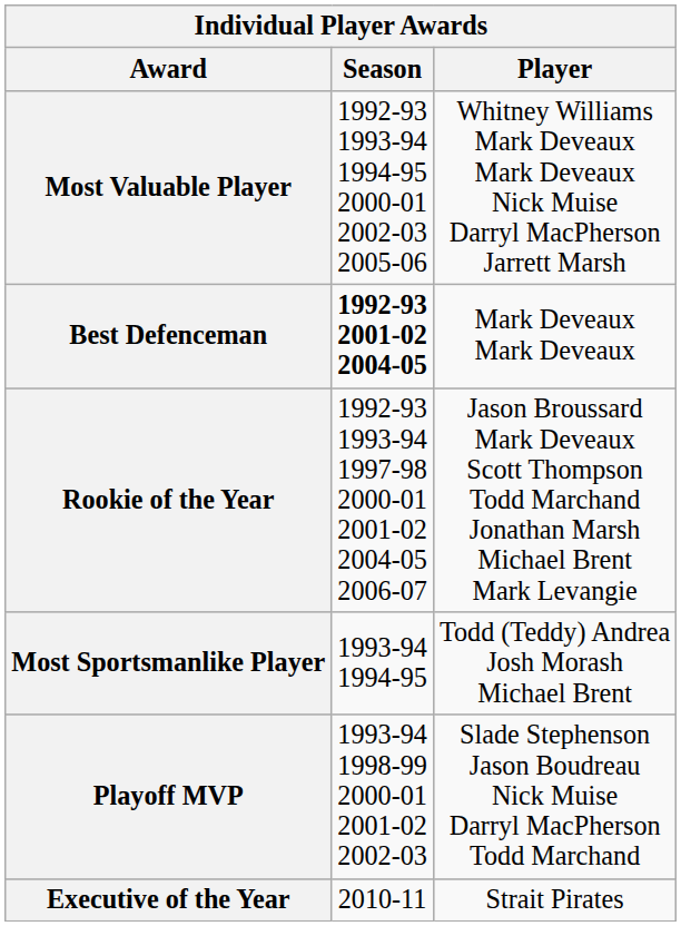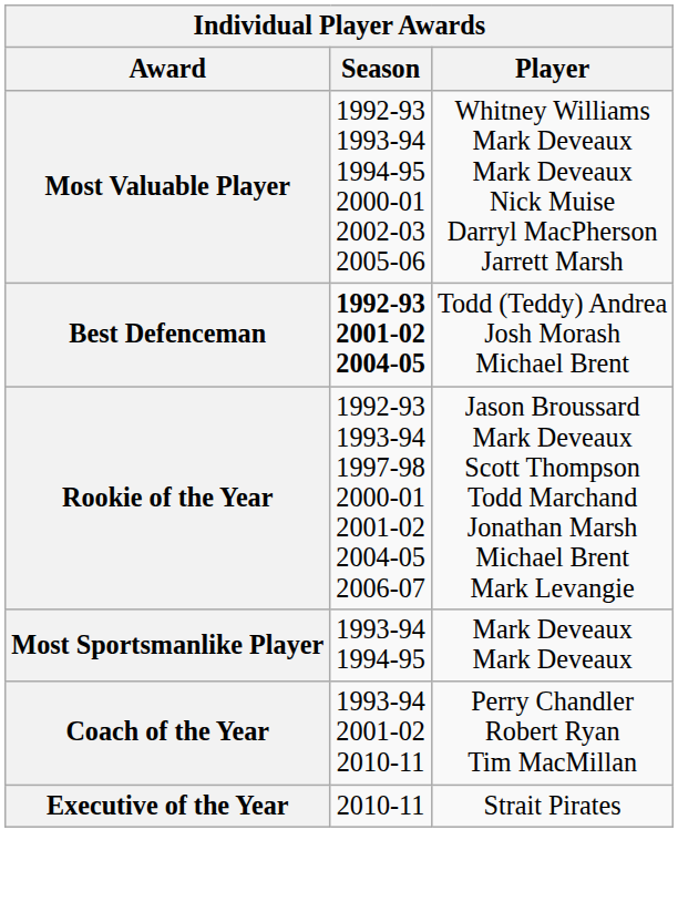 <table class="wikitable collapsible collapsed" style="text-align:center;">
 <tr>
 <th colspan=3>Individual Player Awards</th>
 </tr>
 <tr>
 <th>Award</th>
 <th>Season</th>
 <th>Player</th>
 </tr>
 <tr>
 <th>Most Valuable Player</th>
 <td>1992-93<br>1993-94<br>1994-95<br>2000-01<br>2002-03<br>2005-06</td>
 <td>Whitney Williams<br>Mark Deveaux<br>Mark Deveaux<br>Nick Muise<br>Darryl MacPherson<br>Jarrett Marsh</td>
 </tr>
 <tr>
 <th>Best Defenceman</th>
 <td><strong>1992-93<br>2001-02<br>2004-05</strong></td>
-<td>Mark Deveaux<br>Mark Deveaux</td>
+<td>Todd (Teddy) Andrea<br>Josh Morash<br>Michael Brent</td>
 </tr>
 <tr>
 <th>Rookie of the Year</th>
 <td>1992-93<br>1993-94<br>1997-98<br>2000-01<br>2001-02<br>2004-05<br>2006-07</td>
 <td>Jason Broussard<br>Mark Deveaux<br>Scott Thompson<br> Todd Marchand<br>Jonathan Marsh<br>Michael Brent <br>Mark Levangie</td>
 </tr>
 <tr>
 <th>Most Sportsmanlike Player</th>
 <td>1993-94<br>1994-95</td>
-<td>Todd (Teddy) Andrea<br>Josh Morash<br>Michael Brent</td>
+<td>Mark Deveaux<br>Mark Deveaux</td>
 </tr>
 <tr>
-<th>Playoff MVP</th>
-<td>1993-94<br>1998-99<br>2000-01<br>2001-02<br>2002-03</td>
-<td>Slade Stephenson<br>Jason Boudreau<br>Nick Muise<br>Darryl MacPherson<br>Todd Marchand</td>
+<th>Coach of the Year</th>
+<td>1993-94<br>2001-02<br>2010-11</td>
+<td>Perry Chandler<br>Robert Ryan<br>Tim MacMillan</td>
 </tr>
 <tr>
 <th>Executive of the Year</th>
 <td>2010-11</td>
 <td>Strait Pirates</td>
 </tr>
 </table>
